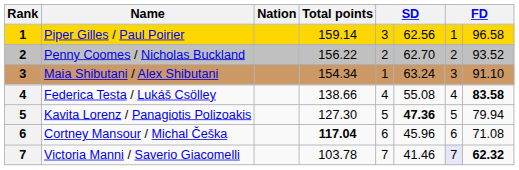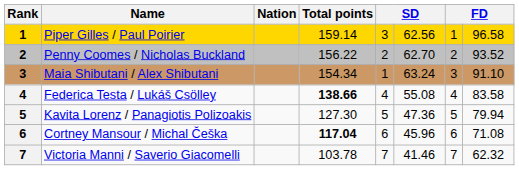 <table class="wikitable sortable">
 <tr>
 <th>Rank</th>
 <th>Name</th>
 <th>Nation</th>
 <th>Total points</th>
 <th colspan="2" width="80px"><a href='#'>SD</a></th>
 <th colspan="2" width="80px"><a href='#'>FD</a></th>
 </tr>
 <tr bgcolor="gold">
 <td align="center"><strong>1</strong></td>
 <td><a href='#'>Piper Gilles</a> / <a href='#'>Paul Poirier</a></td>
 <td></td>
 <td align="center">159.14</td>
 <td align="center">3</td>
 <td align="center">62.56</td>
 <td align="center">1</td>
 <td align="center">96.58</td>
 </tr>
 <tr bgcolor="silver">
 <td align="center"><strong>2</strong></td>
 <td><a href='#'>Penny Coomes</a> / <a href='#'>Nicholas Buckland</a></td>
 <td></td>
 <td align="center">156.22</td>
 <td align="center">2</td>
 <td align="center">62.70</td>
 <td align="center">2</td>
 <td align="center">93.52</td>
 </tr>
 <tr bgcolor="cc9966">
 <td align="center"><strong>3</strong></td>
 <td><a href='#'>Maia Shibutani</a> / <a href='#'>Alex Shibutani</a></td>
 <td></td>
 <td align="center">154.34</td>
 <td align="center">1</td>
 <td align="center">63.24</td>
 <td align="center">3</td>
 <td align="center">91.10</td>
 </tr>
 <tr>
 <th>4</th>
 <td><a href='#'>Federica Testa</a> / <a href='#'>Lukáš Csölley</a></td>
 <td></td>
-<td align="center">138.66</td>
+<td align="center"><strong>138.66</strong></td>
 <td align="center">4</td>
 <td align="center">55.08</td>
 <td align="center">4</td>
-<td align="center"><strong>83.58</strong></td>
+<td align="center">83.58</td>
 </tr>
 <tr>
 <th>5</th>
 <td><a href='#'>Kavita Lorenz</a> / <a href='#'>Panagiotis Polizoakis</a></td>
 <td></td>
 <td align="center">127.30</td>
 <td align="center">5</td>
-<td align="center"><strong>47.36</strong></td>
+<td align="center">47.36</td>
 <td align="center">5</td>
 <td align="center">79.94</td>
 </tr>
 <tr>
 <th>6</th>
 <td><a href='#'>Cortney Mansour</a> / <a href='#'>Michal Češka</a></td>
 <td></td>
 <td align="center"><strong>117.04</strong></td>
 <td align="center">6</td>
 <td align="center">45.96</td>
 <td align="center">6</td>
 <td align="center">71.08</td>
 </tr>
 <tr>
 <th>7</th>
 <td><a href='#'>Victoria Manni</a> / <a href='#'>Saverio Giacomelli</a></td>
 <td></td>
 <td align="center">103.78</td>
 <td align="center">7</td>
 <td align="center">41.46</td>
-<td align="center" style="background: lavender;">7</td>
-<td align="center"><strong>62.32</strong></td>
+<td align="center">7</td>
+<td align="center">62.32</td>
 </tr>
 </table>
